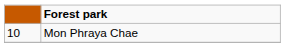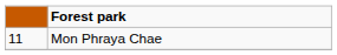 <table class= "wikitable" style= "width:30%; display:inline-table;">
 <tr>
 <td style="width:3%; background:#C65900;"> </td>
 <td style="width:27%;"><strong>Forest park</strong></td>
 </tr>
 <tr>
-<td>10</td>
+<td>11</td>
 <td>Mon Phraya Chae</td>
 </tr>
 <tr>
 </tr>
 </table>
